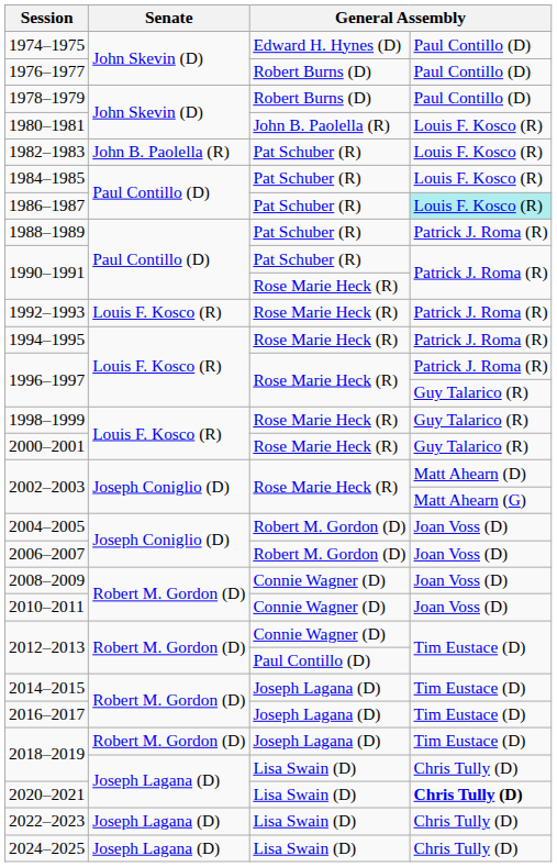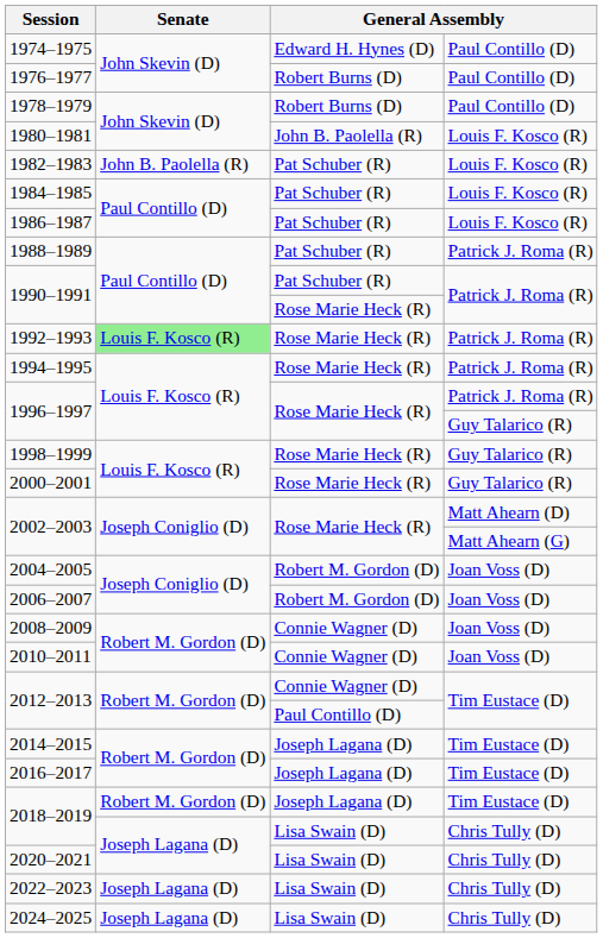 <table class="wikitable">
 <tr>
 <th>Session</th>
 <th>Senate</th>
 <th colspan=2>General Assembly</th>
 </tr>
 <tr>
 <td>1974–1975</td>
 <td rowspan=2 ><a href='#'>John Skevin</a> (D)</td>
 <td><a href='#'>Edward H. Hynes</a> (D)</td>
 <td><a href='#'>Paul Contillo</a> (D)</td>
 </tr>
 <tr>
 <td>1976–1977</td>
 <td><a href='#'>Robert Burns</a> (D)</td>
 <td><a href='#'>Paul Contillo</a> (D)</td>
 </tr>
 <tr>
 <td>1978–1979</td>
 <td rowspan=2 ><a href='#'>John Skevin</a> (D)</td>
 <td><a href='#'>Robert Burns</a> (D)</td>
 <td><a href='#'>Paul Contillo</a> (D)</td>
 </tr>
 <tr>
 <td>1980–1981</td>
 <td><a href='#'>John B. Paolella</a> (R)</td>
 <td><a href='#'>Louis F. Kosco</a> (R)</td>
 </tr>
 <tr>
 <td>1982–1983</td>
 <td><a href='#'>John B. Paolella</a> (R)</td>
 <td><a href='#'>Pat Schuber</a> (R)</td>
 <td><a href='#'>Louis F. Kosco</a> (R)</td>
 </tr>
 <tr>
 <td>1984–1985</td>
 <td rowspan=2 ><a href='#'>Paul Contillo</a> (D)</td>
 <td><a href='#'>Pat Schuber</a> (R)</td>
 <td><a href='#'>Louis F. Kosco</a> (R)</td>
 </tr>
 <tr>
 <td>1986–1987</td>
 <td><a href='#'>Pat Schuber</a> (R)</td>
-<td style="background: paleturquoise;"><a href='#'>Louis F. Kosco</a> (R)</td>
+<td><a href='#'>Louis F. Kosco</a> (R)</td>
 </tr>
 <tr>
 <td>1988–1989</td>
 <td rowspan=3 ><a href='#'>Paul Contillo</a> (D)</td>
 <td><a href='#'>Pat Schuber</a> (R)</td>
 <td><a href='#'>Patrick J. Roma</a> (R)</td>
 </tr>
 <tr>
 <td rowspan=2>1990–1991</td>
 <td><a href='#'>Pat Schuber</a> (R)</td>
 <td rowspan=2 ><a href='#'>Patrick J. Roma</a> (R)</td>
 </tr>
 <tr>
 <td><a href='#'>Rose Marie Heck</a> (R)</td>
 </tr>
 <tr>
 <td>1992–1993</td>
-<td><a href='#'>Louis F. Kosco</a> (R)</td>
+<td style="background: lightgreen;"><a href='#'>Louis F. Kosco</a> (R)</td>
 <td><a href='#'>Rose Marie Heck</a> (R)</td>
 <td><a href='#'>Patrick J. Roma</a> (R)</td>
 </tr>
 <tr>
 <td>1994–1995</td>
 <td rowspan=3 ><a href='#'>Louis F. Kosco</a> (R)</td>
 <td><a href='#'>Rose Marie Heck</a> (R)</td>
 <td><a href='#'>Patrick J. Roma</a> (R)</td>
 </tr>
 <tr>
 <td rowspan=2>1996–1997</td>
 <td rowspan=2 ><a href='#'>Rose Marie Heck</a> (R)</td>
 <td><a href='#'>Patrick J. Roma</a> (R)</td>
 </tr>
 <tr>
 <td><a href='#'>Guy Talarico</a> (R)</td>
 </tr>
 <tr>
 <td>1998–1999</td>
 <td rowspan=2 ><a href='#'>Louis F. Kosco</a> (R)</td>
 <td><a href='#'>Rose Marie Heck</a> (R)</td>
 <td><a href='#'>Guy Talarico</a> (R)</td>
 </tr>
 <tr>
 <td>2000–2001</td>
 <td><a href='#'>Rose Marie Heck</a> (R)</td>
 <td><a href='#'>Guy Talarico</a> (R)</td>
 </tr>
 <tr>
 <td rowspan=2>2002–2003</td>
 <td rowspan=2 ><a href='#'>Joseph Coniglio</a> (D)</td>
 <td rowspan=2 ><a href='#'>Rose Marie Heck</a> (R)</td>
 <td><a href='#'>Matt Ahearn</a> (D)</td>
 </tr>
 <tr>
 <td><a href='#'>Matt Ahearn</a> (<a href='#'>G</a>)</td>
 </tr>
 <tr>
 <td>2004–2005</td>
 <td rowspan=2 ><a href='#'>Joseph Coniglio</a> (D)</td>
 <td><a href='#'>Robert M. Gordon</a> (D)</td>
 <td><a href='#'>Joan Voss</a> (D)</td>
 </tr>
 <tr>
 <td>2006–2007</td>
 <td><a href='#'>Robert M. Gordon</a> (D)</td>
 <td><a href='#'>Joan Voss</a> (D)</td>
 </tr>
 <tr>
 <td>2008–2009</td>
 <td rowspan=2 ><a href='#'>Robert M. Gordon</a> (D)</td>
 <td><a href='#'>Connie Wagner</a> (D)</td>
 <td><a href='#'>Joan Voss</a> (D)</td>
 </tr>
 <tr>
 <td>2010–2011</td>
 <td><a href='#'>Connie Wagner</a> (D)</td>
 <td><a href='#'>Joan Voss</a> (D)</td>
 </tr>
 <tr>
 <td rowspan=2>2012–2013</td>
 <td rowspan=2 ><a href='#'>Robert M. Gordon</a> (D)</td>
 <td><a href='#'>Connie Wagner</a> (D)</td>
 <td rowspan=2 ><a href='#'>Tim Eustace</a> (D)</td>
 </tr>
 <tr>
 <td><a href='#'>Paul Contillo</a> (D)</td>
 </tr>
 <tr>
 <td>2014–2015</td>
 <td rowspan=2 ><a href='#'>Robert M. Gordon</a> (D)</td>
 <td><a href='#'>Joseph Lagana</a> (D)</td>
 <td><a href='#'>Tim Eustace</a> (D)</td>
 </tr>
 <tr>
 <td>2016–2017</td>
 <td><a href='#'>Joseph Lagana</a> (D)</td>
 <td><a href='#'>Tim Eustace</a> (D)</td>
 </tr>
 <tr>
 <td rowspan=2>2018–2019</td>
 <td><a href='#'>Robert M. Gordon</a> (D)</td>
 <td><a href='#'>Joseph Lagana</a> (D)</td>
 <td><a href='#'>Tim Eustace</a> (D)</td>
 </tr>
 <tr>
 <td rowspan=2 ><a href='#'>Joseph Lagana</a> (D)</td>
 <td><a href='#'>Lisa Swain</a> (D)</td>
 <td><a href='#'>Chris Tully</a> (D)</td>
 </tr>
 <tr>
 <td>2020–2021</td>
 <td><a href='#'>Lisa Swain</a> (D)</td>
-<td><strong><a href='#'>Chris Tully</a> (D)</strong></td>
+<td><a href='#'>Chris Tully</a> (D)</td>
 </tr>
 <tr>
 <td>2022–2023</td>
 <td><a href='#'>Joseph Lagana</a> (D)</td>
 <td><a href='#'>Lisa Swain</a> (D)</td>
 <td><a href='#'>Chris Tully</a> (D)</td>
 </tr>
 <tr>
 <td>2024–2025</td>
 <td><a href='#'>Joseph Lagana</a> (D)</td>
 <td><a href='#'>Lisa Swain</a> (D)</td>
 <td><a href='#'>Chris Tully</a> (D)</td>
 </tr>
 </table>
